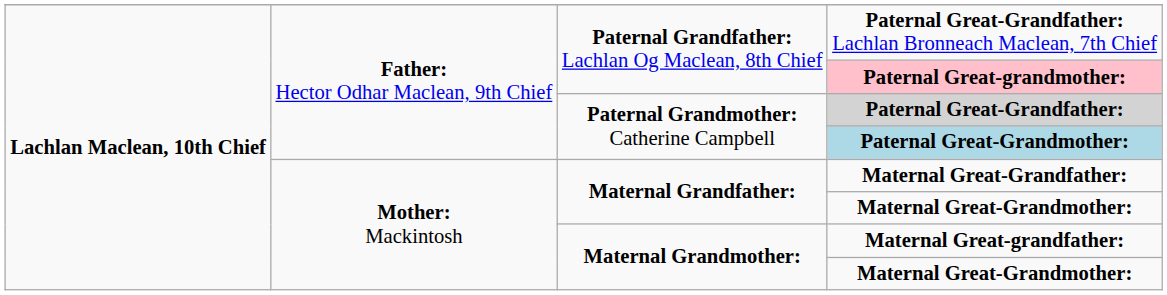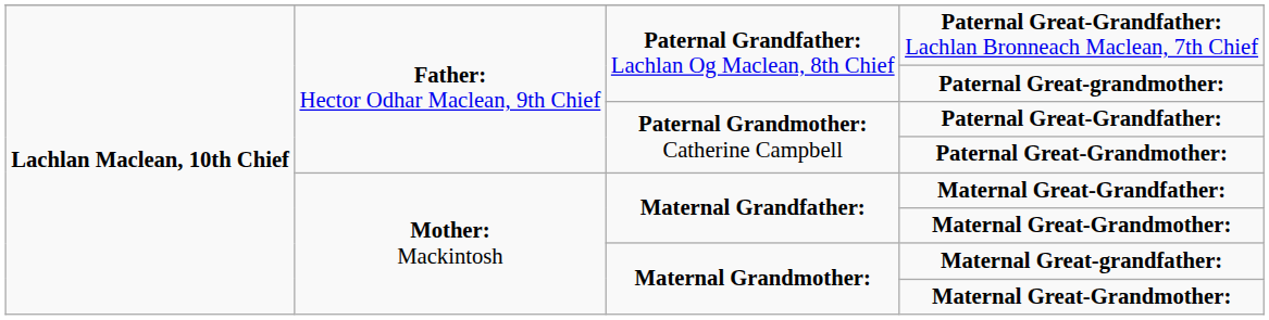 <table class="wikitable" style="margin:1em auto; text-align:center;">
 <tr>
 </tr>
 <tr>
 <td rowspan="8"><strong>Lachlan Maclean, 10th Chief</strong></td>
 <td rowspan="4"><strong>Father:</strong><br><a href='#'>Hector Odhar Maclean, 9th Chief</a></td>
 <td rowspan="2"><strong>Paternal Grandfather:</strong><br> <a href='#'>Lachlan Og Maclean, 8th Chief</a></td>
 <td><strong>Paternal Great-Grandfather:</strong><br><a href='#'>Lachlan Bronneach Maclean, 7th Chief</a></td>
 </tr>
 <tr>
-<td style="background: pink;"><strong>Paternal Great-grandmother:</strong><br></td>
+<td><strong>Paternal Great-grandmother:</strong><br></td>
 </tr>
 <tr>
 <td rowspan="2"><strong>Paternal Grandmother:</strong><br> Catherine Campbell</td>
-<td style="background: lightgrey;"><strong>Paternal Great-Grandfather:</strong><br></td>
+<td><strong>Paternal Great-Grandfather:</strong><br></td>
 </tr>
 <tr>
-<td style="background: lightblue;"><strong>Paternal Great-Grandmother:</strong><br></td>
+<td><strong>Paternal Great-Grandmother:</strong><br></td>
 </tr>
 <tr>
 <td rowspan="4"><strong>Mother:</strong><br>Mackintosh</td>
 <td rowspan="2"><strong>Maternal Grandfather:</strong></td>
 <td><strong>Maternal Great-Grandfather:</strong><br></td>
 </tr>
 <tr>
 <td><strong>Maternal Great-Grandmother:</strong><br></td>
 </tr>
 <tr>
 <td rowspan="2"><strong>Maternal Grandmother:</strong></td>
 <td><strong>Maternal Great-grandfather:</strong><br></td>
 </tr>
 <tr>
 <td><strong>Maternal Great-Grandmother:</strong><br></td>
 </tr>
 </table>
